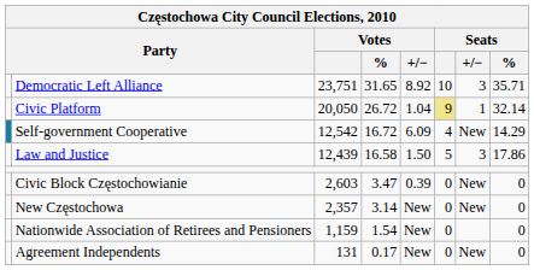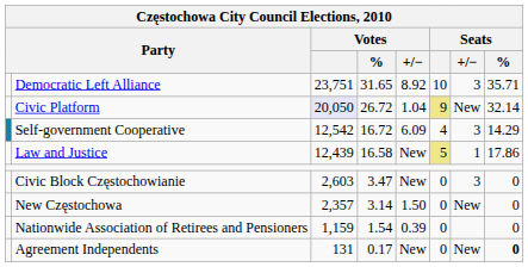 <table class="wikitable">
 <tr>
 <th colspan=8>Częstochowa City Council Elections, 2010</th>
 </tr>
 <tr>
 <th rowspan="2" colspan="2">Party</th>
 <th colspan="3">Votes</th>
 <th colspan="3">Seats</th>
 </tr>
 <tr>
 <th></th>
 <th>%</th>
 <th>+/−</th>
 <th></th>
 <th>+/−</th>
 <th>%</th>
 </tr>
 <tr>
 <td style="background-color:"></td>
 <td><a href='#'>Democratic Left Alliance</a></td>
 <td align="right">23,751</td>
 <td align="right">31.65</td>
 <td align="right"> 8.92</td>
 <td align="right">10</td>
 <td align="right"> 3</td>
 <td align="right">35.71</td>
 </tr>
 <tr>
 <td style="background-color:"></td>
 <td><a href='#'>Civic Platform</a></td>
-<td align="right">20,050</td>
+<td align="right" style="background: lavender;">20,050</td>
 <td align="right">26.72</td>
 <td align="right"> 1.04</td>
 <td align="right" style="background: khaki;">9</td>
-<td align="right"> 1</td>
+<td align="right">New</td>
 <td align="right">32.14</td>
 </tr>
 <tr>
 <td style="background-color:#1482a8"></td>
 <td>Self-government Cooperative</td>
 <td align="right">12,542</td>
 <td align="right">16.72</td>
 <td align="right"> 6.09</td>
 <td align="right">4</td>
-<td align="right">New</td>
+<td align="right"> 3</td>
 <td align="right">14.29</td>
 </tr>
 <tr>
 <td style="background-color:"></td>
 <td><a href='#'>Law and Justice</a></td>
 <td align="right">12,439</td>
 <td align="right">16.58</td>
-<td align="right"> 1.50</td>
-<td align="right">5</td>
-<td align="right"> 3</td>
+<td align="right">New</td>
+<td align="right" style="background: khaki;">5</td>
+<td align="right"> 1</td>
 <td align="right">17.86</td>
 </tr>
 <tr>
 <td colspan=8></td>
 </tr>
 <tr>
 <td style="background-color:"></td>
 <td>Civic Block Częstochowianie</td>
 <td align="right">2,603</td>
 <td align="right">3.47</td>
-<td align="right"> 0.39</td>
+<td align="right">New</td>
 <td align="right">0</td>
-<td align="right">New</td>
+<td align="right"> 3</td>
 <td align="right">0</td>
 </tr>
 <tr>
 <td style="background-color:"></td>
 <td>New Częstochowa</td>
 <td align="right">2,357</td>
 <td align="right">3.14</td>
-<td align="right">New</td>
+<td align="right"> 1.50</td>
 <td align="right">0</td>
 <td align="right">New</td>
 <td align="right">0</td>
 </tr>
 <tr>
 <td style="background-color:"></td>
 <td>Nationwide Association of Retirees and Pensioners</td>
 <td align="right">1,159</td>
 <td align="right">1.54</td>
-<td align="right">New</td>
+<td align="right"> 0.39</td>
 <td align="right">0</td>
 <td align="right"></td>
 <td align="right">0</td>
 </tr>
 <tr>
 <td style="background-color:"></td>
 <td>Agreement Independents</td>
 <td align="right">131</td>
 <td align="right">0.17</td>
 <td align="right">New</td>
 <td align="right">0</td>
 <td align="right">New</td>
-<td align="right">0</td>
+<td align="right"><strong>0</strong></td>
 </tr>
 </table>
